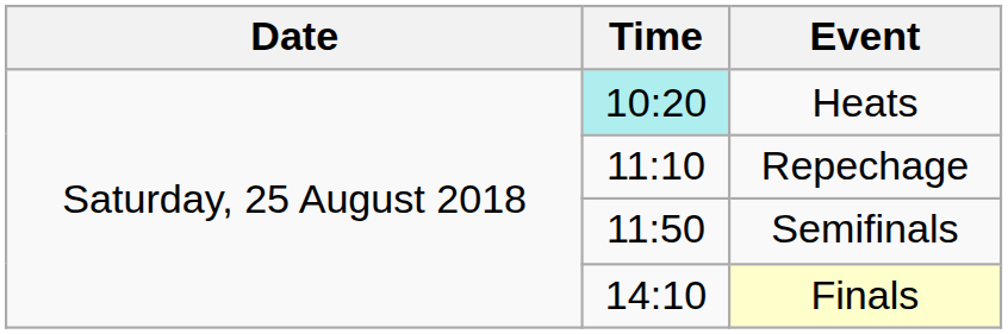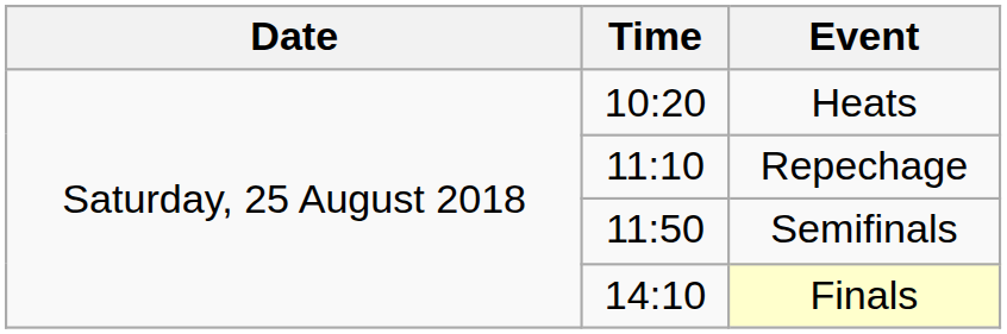 <table class = "wikitable" style="text-align:center;">
 <tr>
 <th width=220>Date</th>
 <th width=50>Time</th>
 <th width=100>Event</th>
 </tr>
 <tr>
 <td rowspan="4">Saturday, 25 August 2018</td>
-<td style="background: paleturquoise;">10:20</td>
+<td>10:20</td>
 <td>Heats</td>
 </tr>
 <tr>
 <td>11:10</td>
 <td>Repechage</td>
 </tr>
 <tr>
 <td>11:50</td>
 <td>Semifinals</td>
 </tr>
 <tr>
 <td>14:10</td>
 <td bgcolor=ffffcc>Finals</td>
 </tr>
 </table>
